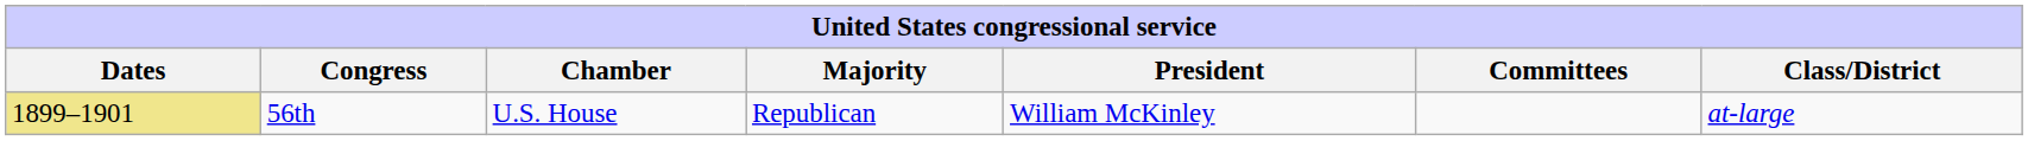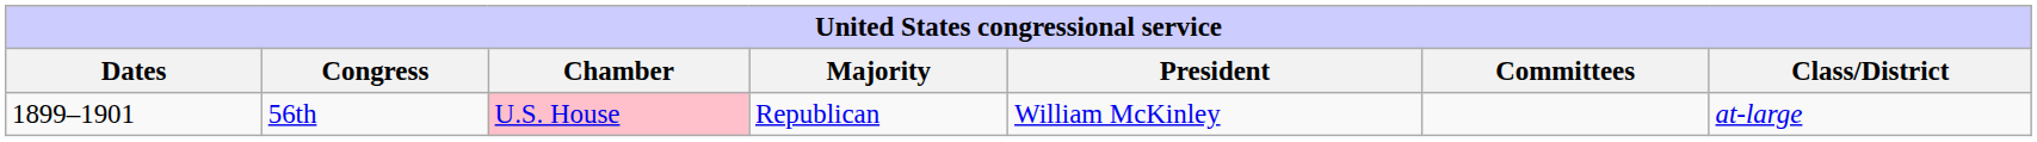 <table class=wikitable style="width: 94%" style="text-align: center;" align="center">
 <tr bgcolor=#cccccc>
 <th colspan=7 style="background: #ccccff;">United States congressional service</th>
 </tr>
 <tr>
 <th><strong>Dates</strong></th>
 <th><strong>Congress</strong></th>
 <th><strong>Chamber</strong></th>
 <th><strong>Majority</strong></th>
 <th><strong>President</strong></th>
 <th><strong>Committees</strong></th>
 <th><strong>Class/District</strong></th>
 </tr>
 <tr>
-<td style="background: khaki;">1899–1901</td>
+<td>1899–1901</td>
 <td><a href='#'>56th</a></td>
-<td><a href='#'>U.S. House</a></td>
+<td style="background: pink;"><a href='#'>U.S. House</a></td>
 <td><a href='#'>Republican</a></td>
 <td><a href='#'>William McKinley</a></td>
 <td></td>
 <td><a href='#'><em>at-large</em></a></td>
 </tr>
 </table>
